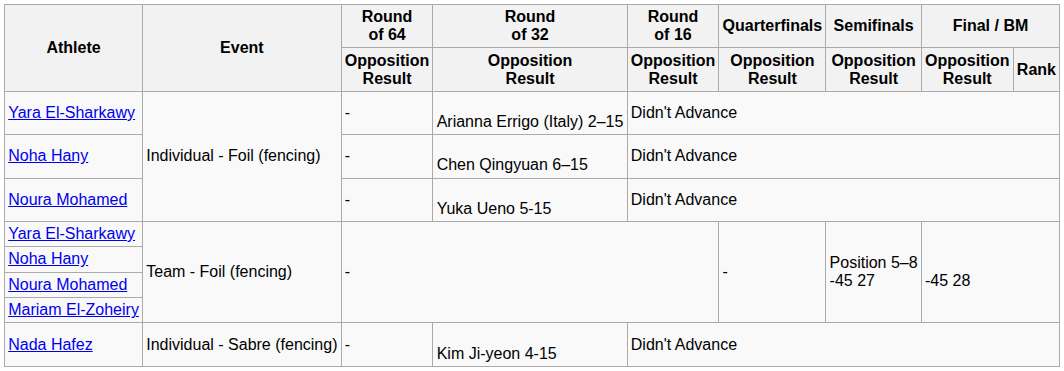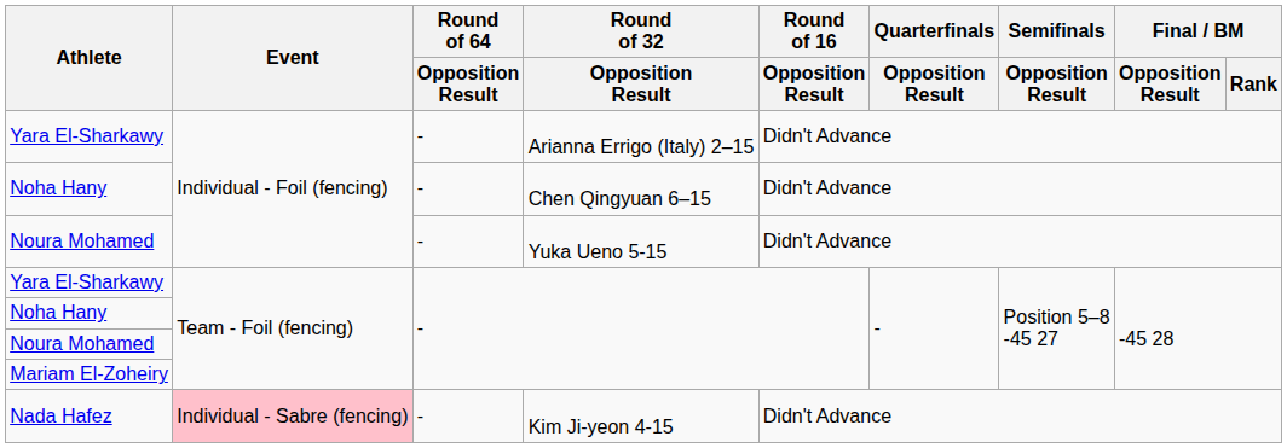 <table class="wikitable">
 <tr>
 <th rowspan="2">Athlete</th>
 <th rowspan="2">Event</th>
 <th>Round<br>of 64</th>
 <th>Round<br>of 32</th>
 <th>Round<br>of 16</th>
 <th>Quarterfinals</th>
 <th>Semifinals</th>
 <th colspan="2">Final / <abbr>BM</abbr></th>
 </tr>
 <tr>
 <th>Opposition<br>Result</th>
 <th>Opposition<br>Result</th>
 <th>Opposition<br>Result</th>
 <th>Opposition<br>Result</th>
 <th>Opposition<br>Result</th>
 <th>Opposition<br>Result</th>
 <th>Rank</th>
 </tr>
 <tr>
 <td><a href='#'>Yara El-Sharkawy</a></td>
 <td rowspan="3">Individual - Foil (fencing)</td>
 <td>-</td>
 <td><br>Arianna Errigo (Italy) 2–15</td>
 <td colspan="5">Didn't Advance</td>
 </tr>
 <tr>
 <td><a href='#'>Noha Hany</a></td>
 <td>-</td>
 <td><br>Chen Qingyuan 6–15</td>
 <td colspan="5">Didn't Advance</td>
 </tr>
 <tr>
 <td><a href='#'>Noura Mohamed</a></td>
 <td>-</td>
 <td><br>Yuka Ueno 5-15</td>
 <td colspan="5">Didn't Advance</td>
 </tr>
 <tr>
 <td><a href='#'>Yara El-Sharkawy</a></td>
 <td rowspan="4">Team - Foil (fencing)</td>
 <td colspan="3" rowspan="4">-</td>
 <td rowspan="4">-</td>
 <td rowspan="4">Position 5–8<br> -45 27</td>
 <td colspan="2" rowspan="4"><br>-45 28</td>
 </tr>
 <tr>
 <td><a href='#'>Noha Hany</a></td>
 </tr>
 <tr>
 <td><a href='#'>Noura Mohamed</a></td>
 </tr>
 <tr>
 <td><a href='#'>Mariam El-Zoheiry</a></td>
 </tr>
 <tr>
 <td><a href='#'>Nada Hafez</a></td>
-<td>Individual - Sabre (fencing)</td>
+<td style="background: pink;">Individual - Sabre (fencing)</td>
 <td>-</td>
 <td><br>Kim Ji-yeon 4-15</td>
 <td colspan="5">Didn't Advance</td>
 </tr>
 </table>
